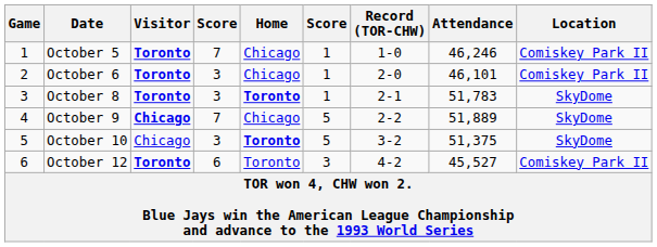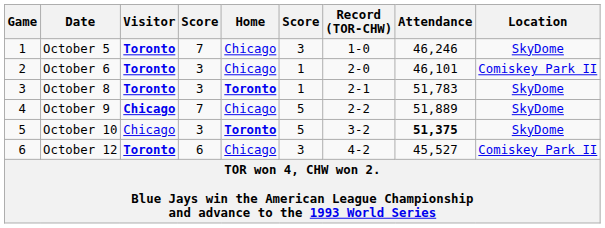 <table class="wikitable">
 <tr>
 <th>Game</th>
 <th>Date</th>
 <th>Visitor</th>
 <th>Score</th>
 <th>Home</th>
 <th>Score</th>
 <th>Record<br>(TOR-CHW)</th>
 <th>Attendance</th>
 <th>Location</th>
 </tr>
 <tr>
 <td align = center>1</td>
 <td>October 5</td>
 <td align = center><strong><a href='#'>Toronto</a></strong></td>
 <td align = center>7</td>
 <td align = center><a href='#'>Chicago</a></td>
-<td align = center>1</td>
+<td align = center>3</td>
 <td align = center>1-0</td>
 <td align = center>46,246</td>
-<td align = center><a href='#'>Comiskey Park II</a></td>
+<td align = center><a href='#'>SkyDome</a></td>
 </tr>
 <tr>
 <td align = center>2</td>
 <td>October 6</td>
 <td align = center><strong><a href='#'>Toronto</a></strong></td>
 <td align = center>3</td>
 <td align = center><a href='#'>Chicago</a></td>
 <td align = center>1</td>
 <td align = center>2-0</td>
 <td align = center>46,101</td>
 <td align = center><a href='#'>Comiskey Park II</a></td>
 </tr>
 <tr>
 <td align = center>3</td>
 <td>October 8</td>
 <td align = center><strong><a href='#'>Toronto</a></strong></td>
 <td align = center>3</td>
 <td align = center><strong><a href='#'>Toronto</a></strong></td>
 <td align = center>1</td>
 <td align = center>2-1</td>
 <td align = center>51,783</td>
 <td align = center><a href='#'>SkyDome</a></td>
 </tr>
 <tr>
 <td align = center>4</td>
 <td>October 9</td>
 <td align = center><strong><a href='#'>Chicago</a></strong></td>
 <td align = center>7</td>
 <td align = center><a href='#'>Chicago</a></td>
 <td align = center>5</td>
 <td align = center>2-2</td>
 <td align = center>51,889</td>
 <td align = center><a href='#'>SkyDome</a></td>
 </tr>
 <tr>
 <td align = center>5</td>
 <td>October 10</td>
 <td align = center><a href='#'>Chicago</a></td>
 <td align = center>3</td>
 <td align = center><strong><a href='#'>Toronto</a></strong></td>
 <td align = center>5</td>
 <td align = center>3-2</td>
-<td align = center>51,375</td>
+<td align = center><strong>51,375</strong></td>
 <td align = center><a href='#'>SkyDome</a></td>
 </tr>
 <tr>
 <td align = center>6</td>
 <td>October 12</td>
 <td align = center><strong><a href='#'>Toronto</a></strong></td>
 <td align = center>6</td>
-<td align = center><a href='#'>Toronto</a></td>
+<td align = center><a href='#'>Chicago</a></td>
 <td align = center>3</td>
 <td align = center>4-2</td>
 <td align = center>45,527</td>
 <td align = center><a href='#'>Comiskey Park II</a></td>
 </tr>
 <tr>
 <th colspan="9">TOR won 4, CHW won 2.<br><br><strong>Blue Jays</strong> win the American League Championship<br>  and advance to the <a href='#'>1993 World Series</a> <br></th>
 </tr>
 </table>
